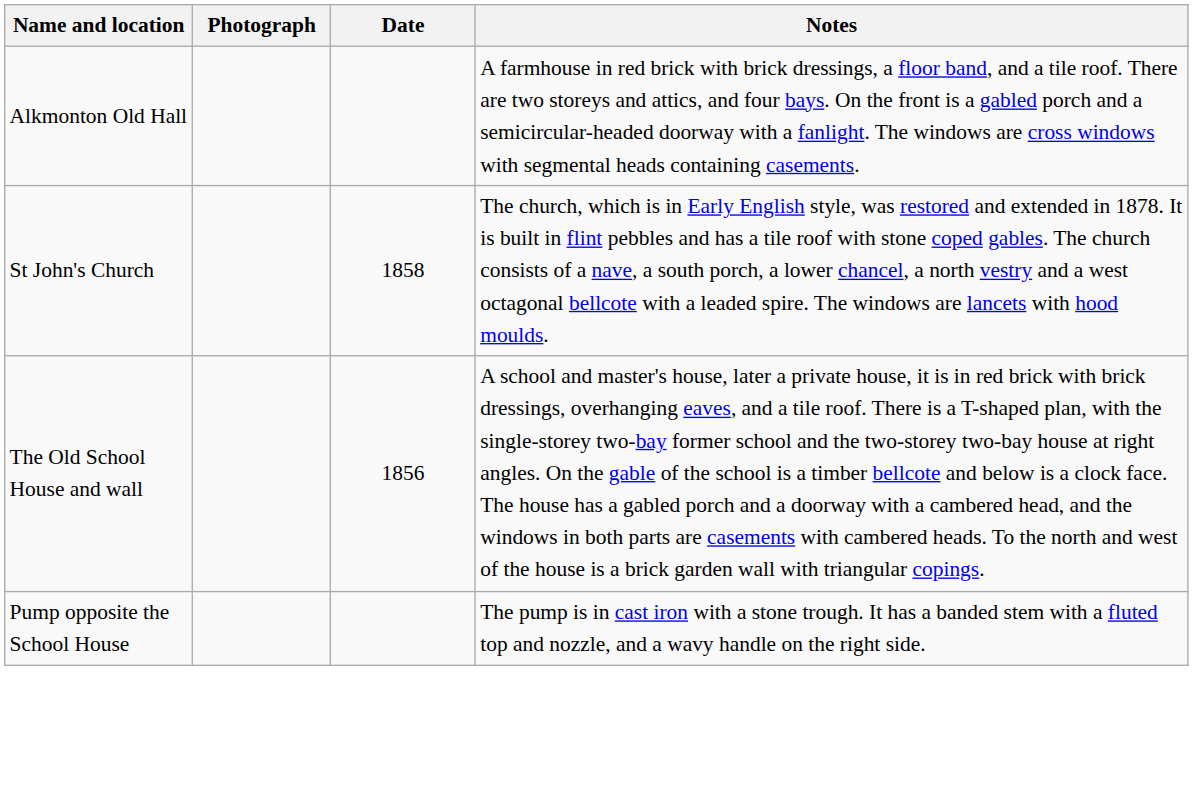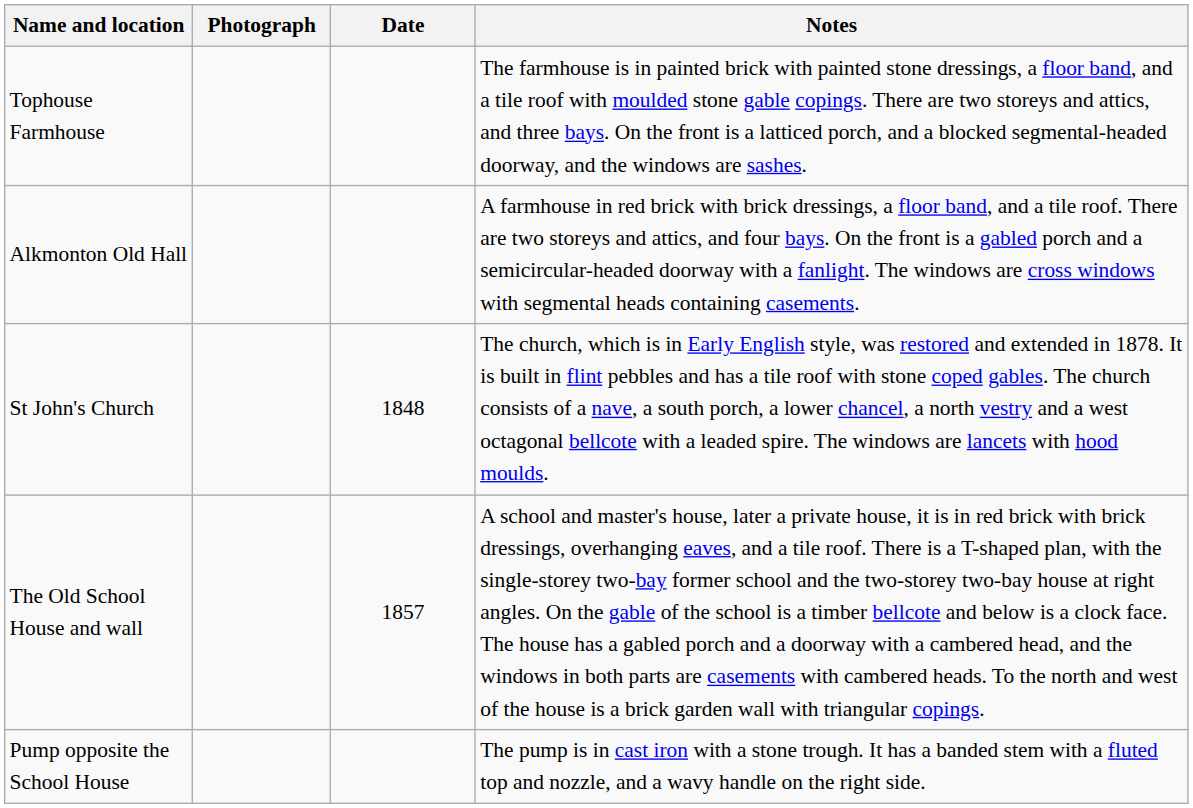 <table class="wikitable sortable plainrowheaders" style="width:100%;border:0px;text-align:left;line-height:150%;">
 <tr>
 <th scope="col"  style="width:150px">Name and location</th>
 <th scope="col"  style="width:100px" class="unsortable">Photograph</th>
 <th scope="col"  style="width:120px">Date</th>
 <th scope="col"  style="width:650px" class="unsortable">Notes</th>
+</tr>
+<tr>
+<td>Tophouse Farmhouse<br><small></small></td>
+<td></td>
+<td align="center"></td>
+<td>The farmhouse is in painted brick with painted stone dressings, a <a href='#'>floor band</a>, and a tile roof with <a href='#'>moulded</a> stone <a href='#'>gable</a> <a href='#'>copings</a>.  There are two storeys and attics, and three <a href='#'>bays</a>.  On the front is a latticed porch, and a blocked segmental-headed doorway, and the windows are <a href='#'>sashes</a>.</td>
 </tr>
 <tr>
 <td>Alkmonton Old Hall<br><small></small></td>
 <td></td>
 <td align="center"></td>
 <td>A farmhouse in red brick with brick dressings, a <a href='#'>floor band</a>, and a tile roof.  There are two storeys and attics, and four <a href='#'>bays</a>.  On the front is a <a href='#'>gabled</a> porch and a semicircular-headed doorway with a <a href='#'>fanlight</a>.  The windows are <a href='#'>cross windows</a> with segmental heads containing <a href='#'>casements</a>.</td>
 </tr>
 <tr>
 <td>St John's Church<br><small></small></td>
 <td></td>
-<td align="center">1858</td>
+<td align="center">1848</td>
 <td>The church, which is in <a href='#'>Early English</a> style, was <a href='#'>restored</a> and extended in 1878.  It is built in <a href='#'>flint</a> pebbles and has a tile roof with stone <a href='#'>coped</a> <a href='#'>gables</a>.  The church consists of a <a href='#'>nave</a>, a south porch, a lower <a href='#'>chancel</a>, a north <a href='#'>vestry</a> and a west octagonal <a href='#'>bellcote</a> with a leaded spire.  The windows are <a href='#'>lancets</a> with <a href='#'>hood moulds</a>.</td>
 </tr>
 <tr>
 <td>The Old School House and wall<br><small></small></td>
 <td></td>
-<td align="center">1856</td>
+<td align="center">1857</td>
 <td>A school and master's house, later a private house, it is in red brick with brick dressings, overhanging <a href='#'>eaves</a>, and a tile roof.  There is a T-shaped plan, with the single-storey two-<a href='#'>bay</a> former school and the two-storey two-bay house at right angles.  On the <a href='#'>gable</a> of the school is a timber <a href='#'>bellcote</a> and below is a clock face.  The house has a gabled porch and a doorway with a cambered head, and the windows in both parts are <a href='#'>casements</a> with cambered heads.  To the north and west of the house is a brick garden wall with triangular <a href='#'>copings</a>.</td>
 </tr>
 <tr>
 <td>Pump opposite the School House<br><small></small></td>
 <td></td>
 <td align="center"></td>
 <td>The pump is in <a href='#'>cast iron</a> with a stone trough. It has a banded stem with a <a href='#'>fluted</a> top and nozzle, and a wavy handle on the right side.</td>
 </tr>
 <tr>
 </tr>
 </table>
